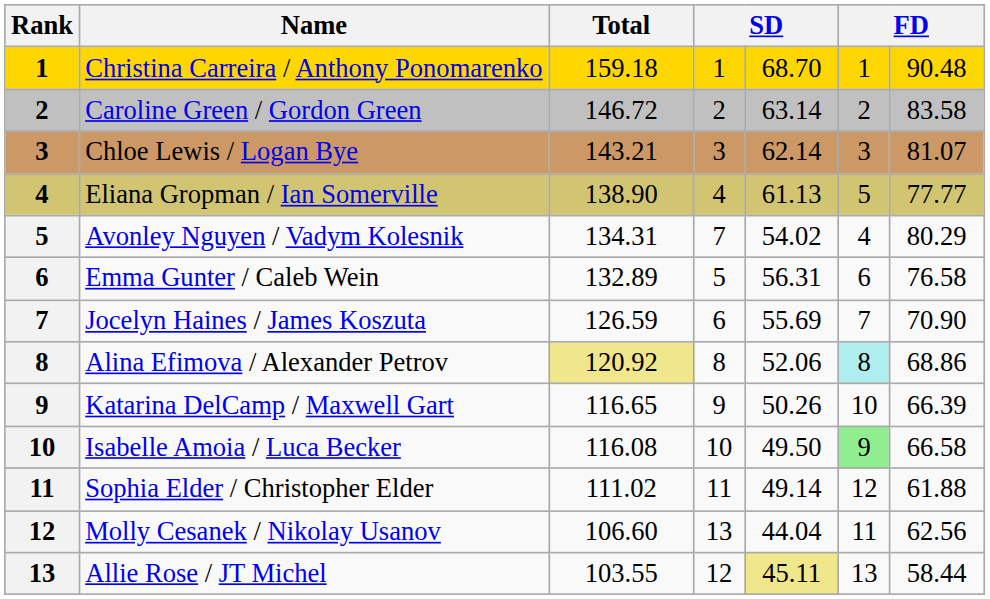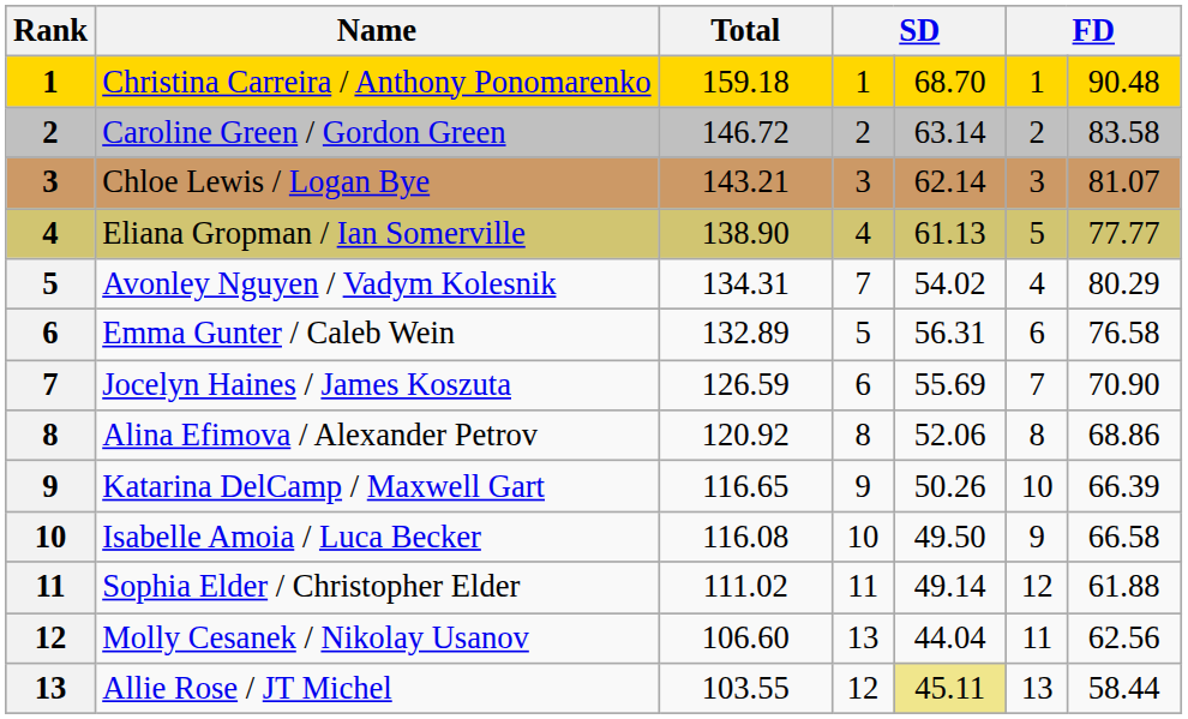 <table class="wikitable sortable">
 <tr>
 <th>Rank</th>
 <th>Name</th>
 <th width="80px">Total</th>
 <th colspan="2" width="80px"><a href='#'>SD</a></th>
 <th colspan="2" width="80px"><a href='#'>FD</a></th>
 </tr>
 <tr bgcolor="gold">
 <td align="center"><strong>1</strong></td>
 <td><a href='#'>Christina Carreira</a> / <a href='#'>Anthony Ponomarenko</a></td>
 <td align="center">159.18</td>
 <td align="center">1</td>
 <td align="center">68.70</td>
 <td align="center">1</td>
 <td align="center">90.48</td>
 </tr>
 <tr bgcolor="silver">
 <td align="center"><strong>2</strong></td>
 <td><a href='#'>Caroline Green</a> / <a href='#'>Gordon Green</a></td>
 <td align="center">146.72</td>
 <td align="center">2</td>
 <td align="center">63.14</td>
 <td align="center">2</td>
 <td align="center">83.58</td>
 </tr>
 <tr bgcolor="cc9966">
 <td align="center"><strong>3</strong></td>
 <td>Chloe Lewis / <a href='#'>Logan Bye</a></td>
 <td align="center">143.21</td>
 <td align="center">3</td>
 <td align="center">62.14</td>
 <td align="center">3</td>
 <td align="center">81.07</td>
 </tr>
 <tr bgcolor="#d1c571">
 <td align="center"><strong>4</strong></td>
 <td>Eliana Gropman / <a href='#'>Ian Somerville</a></td>
 <td align="center">138.90</td>
 <td align="center">4</td>
 <td align="center">61.13</td>
 <td align="center">5</td>
 <td align="center">77.77</td>
 </tr>
 <tr>
 <th>5</th>
 <td><a href='#'>Avonley Nguyen</a> / <a href='#'>Vadym Kolesnik</a></td>
 <td align="center">134.31</td>
 <td align="center">7</td>
 <td align="center">54.02</td>
 <td align="center">4</td>
 <td align="center">80.29</td>
 </tr>
 <tr>
 <th>6</th>
 <td><a href='#'>Emma Gunter</a> / Caleb Wein</td>
 <td align="center">132.89</td>
 <td align="center">5</td>
 <td align="center">56.31</td>
 <td align="center">6</td>
 <td align="center">76.58</td>
 </tr>
 <tr>
 <th>7</th>
 <td><a href='#'>Jocelyn Haines</a> / <a href='#'>James Koszuta</a></td>
 <td align="center">126.59</td>
 <td align="center">6</td>
 <td align="center">55.69</td>
 <td align="center">7</td>
 <td align="center">70.90</td>
 </tr>
 <tr>
 <th>8</th>
 <td><a href='#'>Alina Efimova</a> / Alexander Petrov</td>
-<td align="center" style="background: khaki;">120.92</td>
+<td align="center">120.92</td>
 <td align="center">8</td>
 <td align="center">52.06</td>
-<td align="center" style="background: paleturquoise;">8</td>
+<td align="center">8</td>
 <td align="center">68.86</td>
 </tr>
 <tr>
 <th>9</th>
 <td><a href='#'>Katarina DelCamp</a> / <a href='#'>Maxwell Gart</a></td>
 <td align="center">116.65</td>
 <td align="center">9</td>
 <td align="center">50.26</td>
 <td align="center">10</td>
 <td align="center">66.39</td>
 </tr>
 <tr>
 <th>10</th>
 <td><a href='#'>Isabelle Amoia</a> / <a href='#'>Luca Becker</a></td>
 <td align="center">116.08</td>
 <td align="center">10</td>
 <td align="center">49.50</td>
-<td align="center" style="background: lightgreen;">9</td>
+<td align="center">9</td>
 <td align="center">66.58</td>
 </tr>
 <tr>
 <th>11</th>
 <td><a href='#'>Sophia Elder</a> / Christopher Elder</td>
 <td align="center">111.02</td>
 <td align="center">11</td>
 <td align="center">49.14</td>
 <td align="center">12</td>
 <td align="center">61.88</td>
 </tr>
 <tr>
 <th>12</th>
 <td><a href='#'>Molly Cesanek</a> / <a href='#'>Nikolay Usanov</a></td>
 <td align="center">106.60</td>
 <td align="center">13</td>
 <td align="center">44.04</td>
 <td align="center">11</td>
 <td align="center">62.56</td>
 </tr>
 <tr>
 <th>13</th>
 <td><a href='#'>Allie Rose</a> / <a href='#'>JT Michel</a></td>
 <td align="center">103.55</td>
 <td align="center">12</td>
 <td align="center" style="background: khaki;">45.11</td>
 <td align="center">13</td>
 <td align="center">58.44</td>
 </tr>
 </table>
